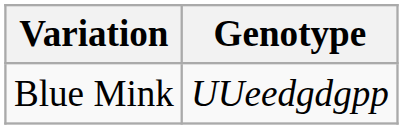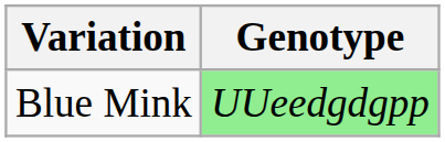 <table class="wikitable" style="margin:1em auto;">
 <tr>
 <th>Variation</th>
 <th>Genotype</th>
 </tr>
 <tr>
 <td>Blue Mink</td>
-<td><em>UUeedgdgpp</em></td>
+<td style="background: lightgreen;"><em>UUeedgdgpp</em></td>
 </tr>
 </table>
